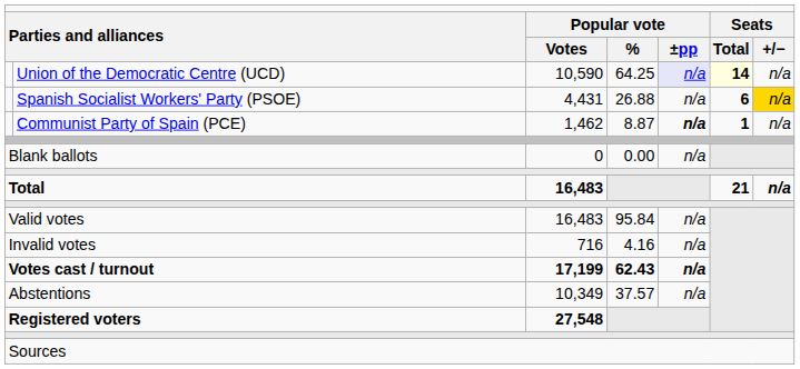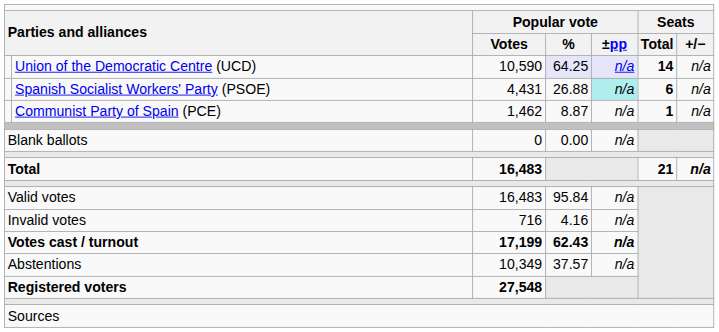 <table class="wikitable" style="text-align:right;">
 <tr>
 <td colspan="7"></td>
 </tr>
 <tr>
 <th style="text-align:left;" rowspan="2" colspan="2" width="525">Parties and alliances</th>
 <th colspan="3">Popular vote</th>
 <th colspan="2">Seats</th>
 </tr>
 <tr>
 <th width="75">Votes</th>
 <th width="45">%</th>
 <th width="45">±<a href='#'>pp</a></th>
 <th width="35">Total</th>
 <th width="35">+/−</th>
 </tr>
 <tr>
 <td width="1" style="color:inherit;background:"></td>
 <td align="left"><a href='#'>Union of the Democratic Centre</a> (UCD)</td>
 <td>10,590</td>
-<td>64.25</td>
+<td style="background: lavender;">64.25</td>
 <td style="background: lavender;"><em><a href='#'>n/a</a></em></td>
-<td style="background: lightyellow;"><strong>14</strong></td>
+<td><strong>14</strong></td>
 <td><em>n/a</em></td>
 </tr>
 <tr>
 <td style="color:inherit;background:"></td>
 <td align="left"><a href='#'>Spanish Socialist Workers' Party</a> (PSOE)</td>
 <td>4,431</td>
 <td>26.88</td>
+<td style="background: paleturquoise;"><em>n/a</em></td>
+<td><strong>6</strong></td>
 <td><em>n/a</em></td>
-<td><strong>6</strong></td>
-<td style="background: gold;"><em>n/a</em></td>
 </tr>
 <tr>
 <td style="color:inherit;background:"></td>
 <td align="left"><a href='#'>Communist Party of Spain</a> (PCE)</td>
 <td>1,462</td>
 <td>8.87</td>
-<td><strong><em>n/a</em></strong></td>
+<td><em>n/a</em></td>
 <td><strong>1</strong></td>
 <td><em>n/a</em></td>
 </tr>
 <tr>
 <td colspan="7" bgcolor="#C0C0C0"></td>
 </tr>
 <tr>
 <td align="left" colspan="2">Blank ballots</td>
 <td>0</td>
 <td>0.00</td>
 <td><em>n/a</em></td>
 <td bgcolor="#E9E9E9" colspan="2"></td>
 </tr>
 <tr>
 <td colspan="7" bgcolor="#E9E9E9"></td>
 </tr>
 <tr style="font-weight:bold;">
 <td align="left" colspan="2">Total</td>
 <td>16,483</td>
 <td bgcolor="#E9E9E9" colspan="2"></td>
 <td>21</td>
 <td><em>n/a</em></td>
 </tr>
 <tr>
 <td colspan="7" bgcolor="#E9E9E9"></td>
 </tr>
 <tr>
 <td align="left" colspan="2">Valid votes</td>
 <td>16,483</td>
 <td>95.84</td>
 <td><em>n/a</em></td>
 <td bgcolor="#E9E9E9" colspan="2" rowspan="5"></td>
 </tr>
 <tr>
 <td align="left" colspan="2">Invalid votes</td>
 <td>716</td>
 <td>4.16</td>
 <td><em>n/a</em></td>
 </tr>
 <tr style="font-weight:bold;">
 <td align="left" colspan="2">Votes cast / turnout</td>
 <td>17,199</td>
 <td>62.43</td>
 <td><em>n/a</em></td>
 </tr>
 <tr>
 <td align="left" colspan="2">Abstentions</td>
 <td>10,349</td>
 <td>37.57</td>
 <td><em>n/a</em></td>
 </tr>
 <tr style="font-weight:bold;">
 <td align="left" colspan="2">Registered voters</td>
 <td>27,548</td>
 <td bgcolor="#E9E9E9" colspan="2"></td>
 </tr>
 <tr>
 <td colspan="7" bgcolor="#E9E9E9"></td>
 </tr>
 <tr>
 <td align="left" colspan="7">Sources</td>
 </tr>
 </table>
